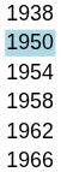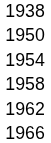 <table>
 <tr>
 <td>1938</td>
 <td></td>
 <td></td>
 <td></td>
 </tr>
 <tr>
-<td style="background: lightblue;">1950</td>
+<td>1950</td>
 <td></td>
 <td></td>
 <td></td>
 </tr>
 <tr>
 <td>1954</td>
 <td></td>
 <td></td>
 <td></td>
 </tr>
 <tr>
 <td>1958</td>
 <td></td>
 <td></td>
 <td></td>
 </tr>
 <tr>
 <td>1962</td>
 <td></td>
 <td></td>
 <td></td>
 </tr>
 <tr>
 <td>1966</td>
 <td></td>
 <td></td>
 <td></td>
 </tr>
 </table>
